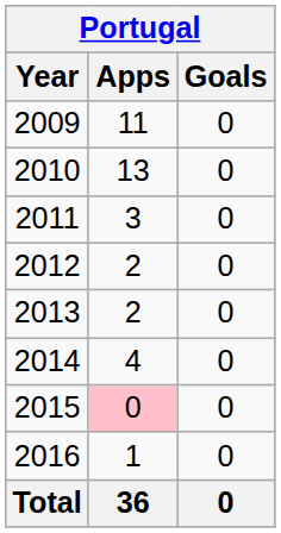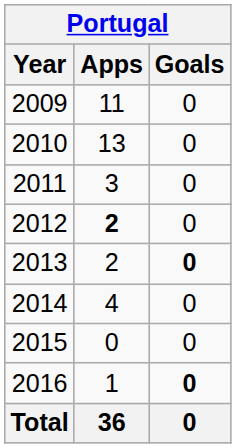 <table class="wikitable" style="text-align:center">
 <tr>
 <th colspan="3"><a href='#'>Portugal</a></th>
 </tr>
 <tr>
 <th>Year</th>
 <th>Apps</th>
 <th>Goals</th>
 </tr>
 <tr>
 <td>2009</td>
 <td>11</td>
 <td>0</td>
 </tr>
 <tr>
 <td>2010</td>
 <td>13</td>
 <td>0</td>
 </tr>
 <tr>
 <td>2011</td>
 <td>3</td>
 <td>0</td>
 </tr>
 <tr>
 <td>2012</td>
-<td>2</td>
+<td><strong>2</strong></td>
 <td>0</td>
 </tr>
 <tr>
 <td>2013</td>
 <td>2</td>
-<td>0</td>
+<td><strong>0</strong></td>
 </tr>
 <tr>
 <td>2014</td>
 <td>4</td>
 <td>0</td>
 </tr>
 <tr>
 <td>2015</td>
-<td style="background: pink;">0</td>
+<td>0</td>
 <td>0</td>
 </tr>
 <tr>
 <td>2016</td>
 <td>1</td>
-<td>0</td>
+<td><strong>0</strong></td>
 </tr>
 <tr>
 <th>Total</th>
 <th>36</th>
 <th>0</th>
 </tr>
 </table>
